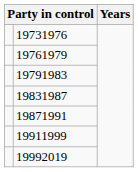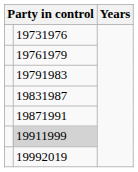 <table class="wikitable">
 <tr>
 <th colspan="2">Party in control</th>
 <th>Years</th>
 </tr>
 <tr>
 <td></td>
 <td>19731976</td>
 </tr>
 <tr>
 <td></td>
 <td>19761979</td>
 </tr>
 <tr>
 <td></td>
 <td>19791983</td>
 </tr>
 <tr>
 <td></td>
 <td>19831987</td>
 </tr>
 <tr>
 <td></td>
 <td>19871991</td>
 </tr>
 <tr>
 <td></td>
-<td>19911999</td>
+<td style="background: lightgrey;">19911999</td>
 </tr>
 <tr>
 <td></td>
 <td>19992019</td>
 </tr>
 </table>
